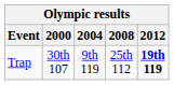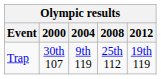 <table class="wikitable" style="text-align: center">
 <tr>
 <th colspan=5>Olympic results</th>
 </tr>
 <tr>
 <th>Event</th>
 <th>2000</th>
 <th>2004</th>
 <th>2008</th>
 <th>2012</th>
 </tr>
 <tr>
 <td align=left><a href='#'>Trap</a></td>
 <td><a href='#'>30th</a><br>107</td>
 <td><a href='#'>9th</a><br>119</td>
 <td><a href='#'>25th</a><br>112</td>
-<td><strong><a href='#'>19th</a><br>119</strong></td>
+<td><a href='#'>19th</a><br>119</td>
 </tr>
 </table>
